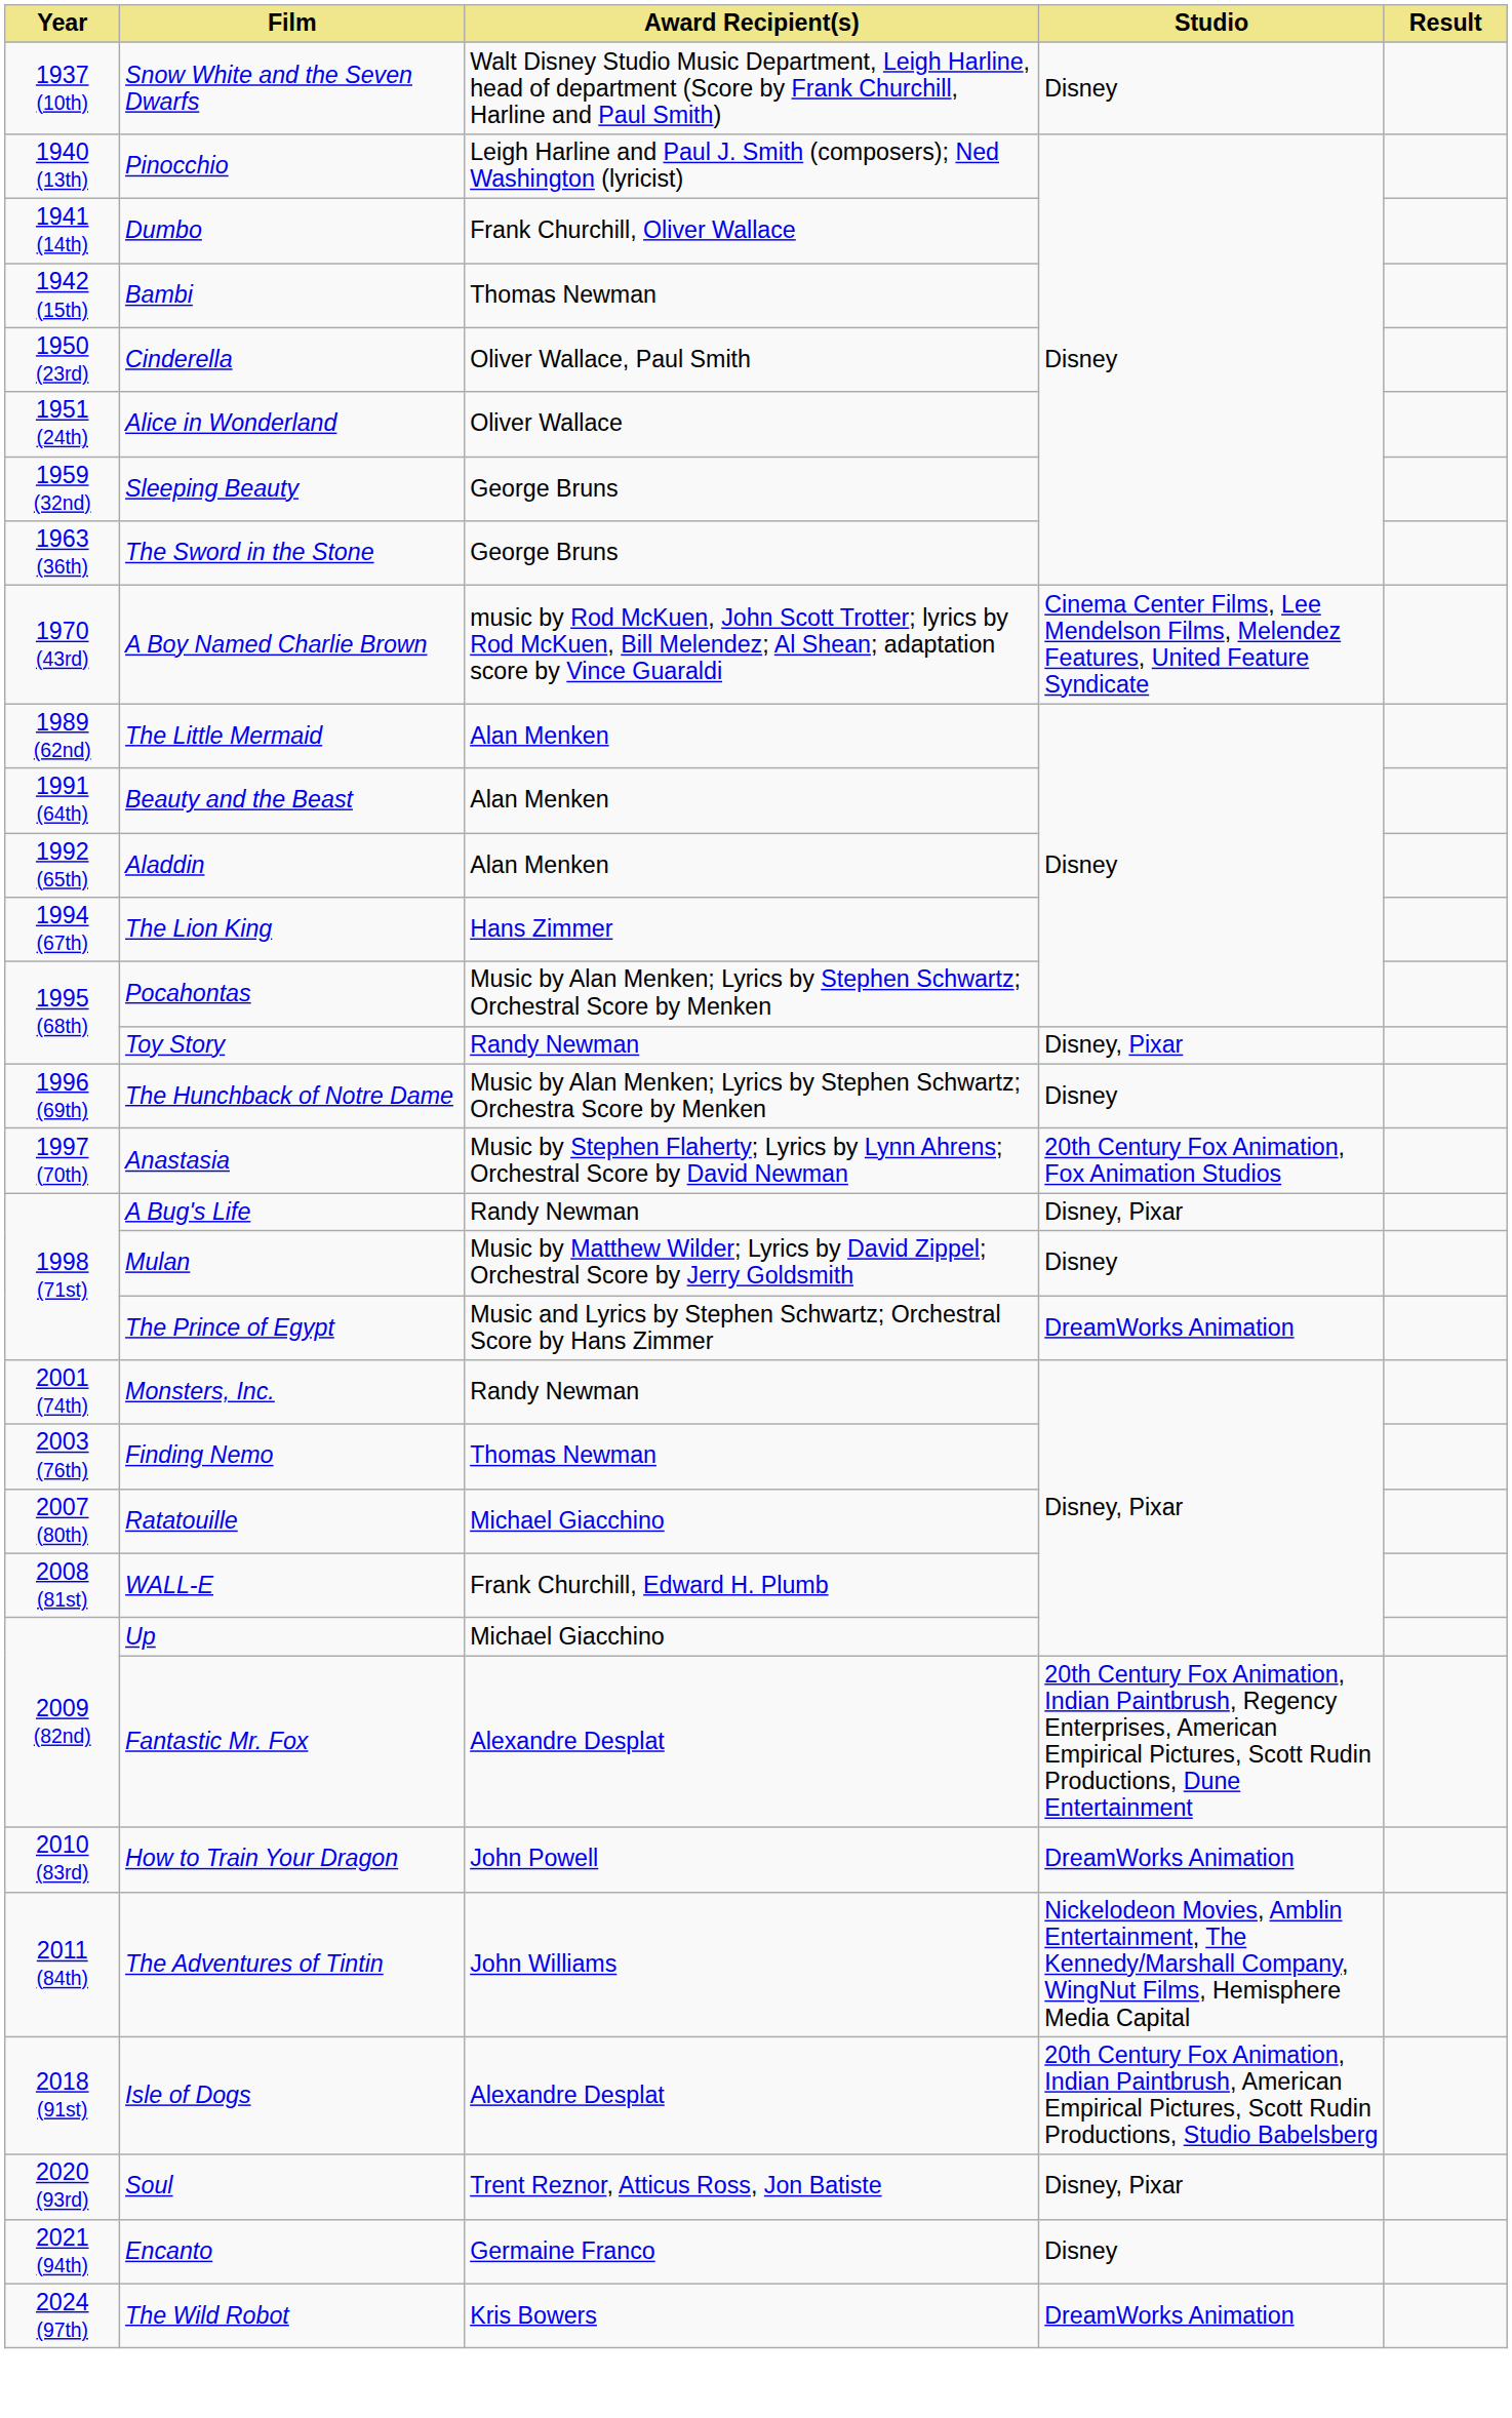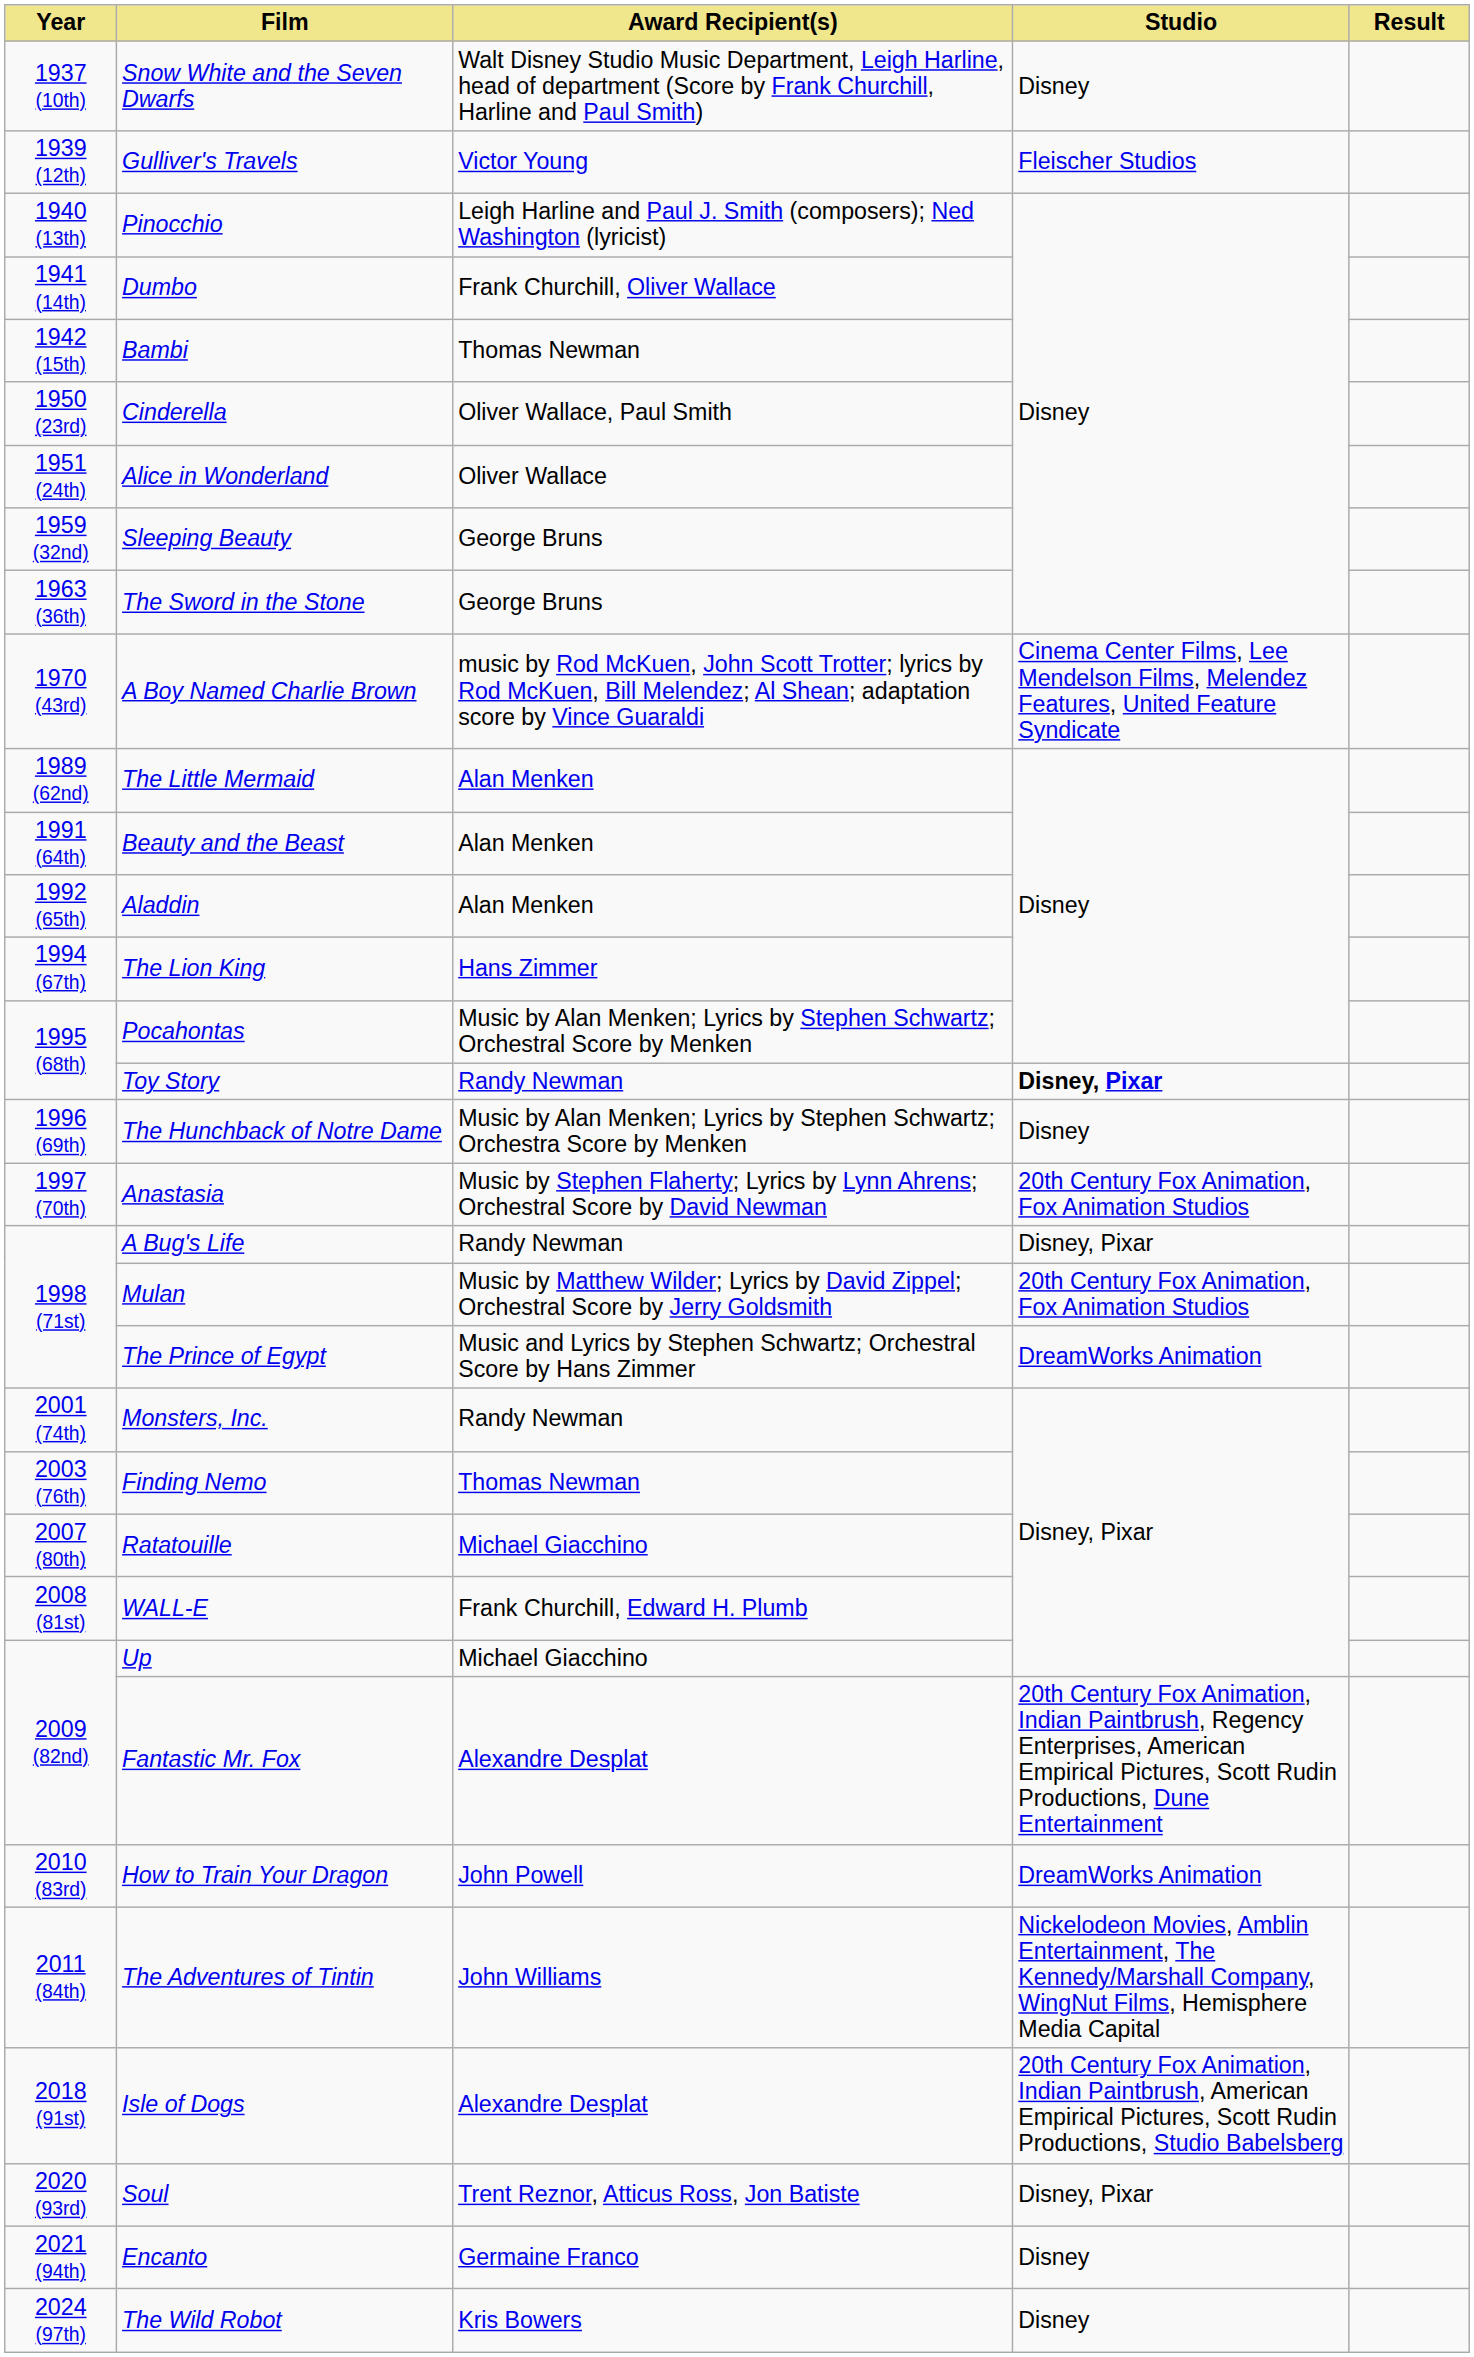 <table class="wikitable" width="80%">
 <tr>
 <th width="5%" style="background:#F0E68C">Year</th>
 <th width="15%" style="background:#F0E68C">Film</th>
 <th width="25%" style="background:#F0E68C">Award Recipient(s)</th>
 <th width="15%" style="background:#F0E68C">Studio</th>
 <th width="5%" style="background:#F0E68C">Result</th>
 </tr>
 <tr>
 <td align="center"><a href='#'>1937</a><br><small><a href='#'>(10th)</a></small></td>
 <td><em><a href='#'>Snow White and the Seven Dwarfs</a></em></td>
 <td>Walt Disney Studio Music Department, <a href='#'>Leigh Harline</a>, head of department (Score by <a href='#'>Frank Churchill</a>, Harline and <a href='#'>Paul Smith</a>)</td>
 <td>Disney</td>
+<td></td>
+</tr>
+<tr>
+<td align="center"><a href='#'>1939</a><br><small><a href='#'>(12th)</a></small></td>
+<td><em><a href='#'>Gulliver's Travels</a></em></td>
+<td><a href='#'>Victor Young</a></td>
+<td><a href='#'>Fleischer Studios</a></td>
 <td></td>
 </tr>
 <tr>
 <td align="center"><a href='#'>1940</a><br><small><a href='#'>(13th)</a></small></td>
 <td><em><a href='#'>Pinocchio</a></em></td>
 <td>Leigh Harline and <a href='#'>Paul J. Smith</a> (composers); <a href='#'>Ned Washington</a> (lyricist)</td>
 <td rowspan="7">Disney</td>
 <td></td>
 </tr>
 <tr>
 <td align="center"><a href='#'>1941</a><br><small><a href='#'>(14th)</a></small></td>
 <td><em><a href='#'>Dumbo</a></em></td>
 <td>Frank Churchill, <a href='#'>Oliver Wallace</a></td>
 <td></td>
 </tr>
 <tr>
 <td align="center"><a href='#'>1942</a><br><small><a href='#'>(15th)</a></small></td>
 <td><em><a href='#'>Bambi</a></em></td>
 <td>Thomas Newman</td>
 <td></td>
 </tr>
 <tr>
 <td align="center"><a href='#'>1950</a><br><small><a href='#'>(23rd)</a></small></td>
 <td><em><a href='#'>Cinderella</a></em></td>
 <td>Oliver Wallace, Paul Smith</td>
 <td></td>
 </tr>
 <tr>
 <td align="center"><a href='#'>1951</a><br><small><a href='#'>(24th)</a></small></td>
 <td><em><a href='#'>Alice in Wonderland</a></em></td>
 <td>Oliver Wallace</td>
 <td></td>
 </tr>
 <tr>
 <td align="center"><a href='#'>1959</a><br><small><a href='#'>(32nd)</a></small></td>
 <td><em><a href='#'>Sleeping Beauty</a></em></td>
 <td>George Bruns</td>
 <td></td>
 </tr>
 <tr>
 <td align="center"><a href='#'>1963</a><br><small><a href='#'>(36th)</a></small></td>
 <td><em><a href='#'>The Sword in the Stone</a></em></td>
 <td>George Bruns</td>
 <td></td>
 </tr>
 <tr>
 <td align="center"><a href='#'>1970</a><br><small><a href='#'>(43rd)</a></small></td>
 <td><em><a href='#'>A Boy Named Charlie Brown</a></em></td>
 <td>music by <a href='#'>Rod McKuen</a>, <a href='#'>John Scott Trotter</a>; lyrics by <a href='#'>Rod McKuen</a>, <a href='#'>Bill Melendez</a>; <a href='#'>Al Shean</a>; adaptation score by <a href='#'>Vince Guaraldi</a></td>
 <td><a href='#'>Cinema Center Films</a>, <a href='#'>Lee Mendelson Films</a>, <a href='#'>Melendez Features</a>, <a href='#'>United Feature Syndicate</a></td>
 <td></td>
 </tr>
 <tr>
 <td align="center"><a href='#'>1989</a><br><small><a href='#'>(62nd)</a></small></td>
 <td><em><a href='#'>The Little Mermaid</a></em></td>
 <td><a href='#'>Alan Menken</a></td>
 <td rowspan="5">Disney</td>
 <td></td>
 </tr>
 <tr>
 <td align="center"><a href='#'>1991</a><br><small><a href='#'>(64th)</a></small></td>
 <td><em><a href='#'>Beauty and the Beast</a></em></td>
 <td>Alan Menken</td>
 <td></td>
 </tr>
 <tr>
 <td align="center"><a href='#'>1992</a><br><small><a href='#'>(65th)</a></small></td>
 <td><em><a href='#'>Aladdin</a></em></td>
 <td>Alan Menken</td>
 <td></td>
 </tr>
 <tr>
 <td align="center"><a href='#'>1994</a><br><small><a href='#'>(67th)</a></small></td>
 <td><em><a href='#'>The Lion King</a></em></td>
 <td><a href='#'>Hans Zimmer</a></td>
 <td></td>
 </tr>
 <tr>
 <td rowspan=2 align="center"><a href='#'>1995</a><br><small><a href='#'>(68th)</a></small></td>
 <td><em><a href='#'>Pocahontas</a></em></td>
 <td>Music by Alan Menken; Lyrics by <a href='#'>Stephen Schwartz</a>; Orchestral Score by Menken</td>
 <td></td>
 </tr>
 <tr>
 <td><em><a href='#'>Toy Story</a></em></td>
 <td><a href='#'>Randy Newman</a></td>
-<td>Disney, <a href='#'>Pixar</a></td>
+<td><strong>Disney, <a href='#'>Pixar</a></strong></td>
 <td></td>
 </tr>
 <tr>
 <td align="center"><a href='#'>1996</a><br><small><a href='#'>(69th)</a></small></td>
 <td><em><a href='#'>The Hunchback of Notre Dame</a></em></td>
 <td>Music by Alan Menken; Lyrics by Stephen Schwartz; Orchestra Score by Menken</td>
 <td>Disney</td>
 <td></td>
 </tr>
 <tr>
 <td align="center"><a href='#'>1997</a><br><small><a href='#'>(70th)</a></small></td>
 <td><em><a href='#'>Anastasia</a></em></td>
 <td>Music by <a href='#'>Stephen Flaherty</a>; Lyrics by <a href='#'>Lynn Ahrens</a>; Orchestral Score by <a href='#'>David Newman</a></td>
 <td><a href='#'>20th Century Fox Animation</a>, <a href='#'>Fox Animation Studios</a></td>
 <td></td>
 </tr>
 <tr>
 <td rowspan=3 align="center"><a href='#'>1998</a><br><small><a href='#'>(71st)</a></small></td>
 <td><em><a href='#'>A Bug's Life</a></em></td>
 <td>Randy Newman</td>
 <td>Disney, Pixar</td>
 <td></td>
 </tr>
 <tr>
 <td><em><a href='#'>Mulan</a></em></td>
 <td>Music by <a href='#'>Matthew Wilder</a>; Lyrics by <a href='#'>David Zippel</a>; Orchestral Score by <a href='#'>Jerry Goldsmith</a></td>
-<td>Disney</td>
+<td><a href='#'>20th Century Fox Animation</a>, <a href='#'>Fox Animation Studios</a></td>
 <td></td>
 </tr>
 <tr>
 <td><em><a href='#'>The Prince of Egypt</a></em></td>
 <td>Music and Lyrics by Stephen Schwartz; Orchestral Score by Hans Zimmer</td>
 <td><a href='#'>DreamWorks Animation</a></td>
 <td></td>
 </tr>
 <tr>
 <td align="center"><a href='#'>2001</a><br><small><a href='#'>(74th)</a></small></td>
 <td><em><a href='#'>Monsters, Inc.</a></em></td>
 <td>Randy Newman</td>
 <td rowspan="5">Disney, Pixar</td>
 <td></td>
 </tr>
 <tr>
 <td align="center"><a href='#'>2003</a><br><small><a href='#'>(76th)</a></small></td>
 <td><em><a href='#'>Finding Nemo</a></em></td>
 <td><a href='#'>Thomas Newman</a></td>
 <td></td>
 </tr>
 <tr>
 <td align="center"><a href='#'>2007</a><br><small><a href='#'>(80th)</a></small></td>
 <td><em><a href='#'>Ratatouille</a></em></td>
 <td><a href='#'>Michael Giacchino</a></td>
 <td></td>
 </tr>
 <tr>
 <td align="center"><a href='#'>2008</a><br><small><a href='#'>(81st)</a></small></td>
 <td><em><a href='#'>WALL-E</a></em></td>
 <td>Frank Churchill, <a href='#'>Edward H. Plumb</a></td>
 <td></td>
 </tr>
 <tr>
 <td rowspan=2 align="center"><a href='#'>2009</a><br><small><a href='#'>(82nd)</a></small></td>
 <td><em><a href='#'>Up</a></em></td>
 <td>Michael Giacchino</td>
 <td></td>
 </tr>
 <tr>
 <td><em><a href='#'>Fantastic Mr. Fox</a></em></td>
 <td><a href='#'>Alexandre Desplat</a></td>
 <td><a href='#'>20th Century Fox Animation</a>, <a href='#'>Indian Paintbrush</a>, Regency Enterprises, American Empirical Pictures, Scott Rudin Productions, <a href='#'>Dune Entertainment</a></td>
 <td></td>
 </tr>
 <tr>
 <td align="center"><a href='#'>2010</a><br><small><a href='#'>(83rd)</a></small></td>
 <td><em><a href='#'>How to Train Your Dragon</a></em></td>
 <td><a href='#'>John Powell</a></td>
 <td><a href='#'>DreamWorks Animation</a></td>
 <td></td>
 </tr>
 <tr>
 <td align="center"><a href='#'>2011</a><br><small><a href='#'>(84th)</a></small></td>
 <td><em><a href='#'>The Adventures of Tintin</a></em></td>
 <td><a href='#'>John Williams</a></td>
 <td><a href='#'>Nickelodeon Movies</a>, <a href='#'>Amblin Entertainment</a>, <a href='#'>The Kennedy/Marshall Company</a>, <a href='#'>WingNut Films</a>, Hemisphere Media Capital</td>
 <td></td>
 </tr>
 <tr>
 <td align="center"><a href='#'>2018</a><br><small><a href='#'>(91st)</a></small></td>
 <td><em><a href='#'>Isle of Dogs</a></em></td>
 <td><a href='#'>Alexandre Desplat</a></td>
 <td><a href='#'>20th Century Fox Animation</a>, <a href='#'>Indian Paintbrush</a>, American Empirical Pictures, Scott Rudin Productions, <a href='#'>Studio Babelsberg</a></td>
 <td></td>
 </tr>
 <tr>
 <td align="center"><a href='#'>2020</a><br><small><a href='#'>(93rd)</a></small></td>
 <td><em><a href='#'>Soul</a></em></td>
 <td><a href='#'>Trent Reznor</a>, <a href='#'>Atticus Ross</a>, <a href='#'>Jon Batiste</a></td>
 <td>Disney, Pixar</td>
 <td></td>
 </tr>
 <tr>
 <td align="center"><a href='#'>2021</a><br><small><a href='#'>(94th)</a></small></td>
 <td><em><a href='#'>Encanto</a></em></td>
 <td><a href='#'>Germaine Franco</a></td>
 <td>Disney</td>
 <td></td>
 </tr>
 <tr>
 <td align="center"><a href='#'>2024</a><br><small><a href='#'>(97th)</a></small></td>
 <td><em><a href='#'>The Wild Robot</a></em></td>
 <td><a href='#'>Kris Bowers</a></td>
-<td><a href='#'>DreamWorks Animation</a></td>
+<td>Disney</td>
 <td></td>
 </tr>
 </table>
